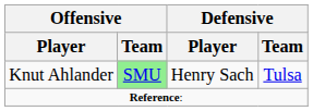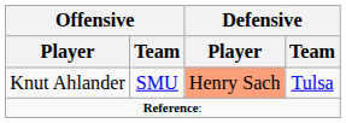 <table class="wikitable" style="text-align: center;">
 <tr>
 <th colspan="2">Offensive</th>
 <th colspan="2">Defensive</th>
 </tr>
 <tr>
 <th>Player</th>
 <th>Team</th>
 <th>Player</th>
 <th>Team</th>
 </tr>
 <tr>
 <td>Knut Ahlander</td>
-<td style="background: lightgreen;"><a href='#'>SMU</a></td>
-<td>Henry Sach</td>
+<td><a href='#'>SMU</a></td>
+<td style="background: lightsalmon;">Henry Sach</td>
 <td><a href='#'>Tulsa</a></td>
 </tr>
 <tr>
 <td colspan="4"  style="font-size:8pt; text-align:center;"><strong>Reference</strong>:</td>
 </tr>
 </table>
